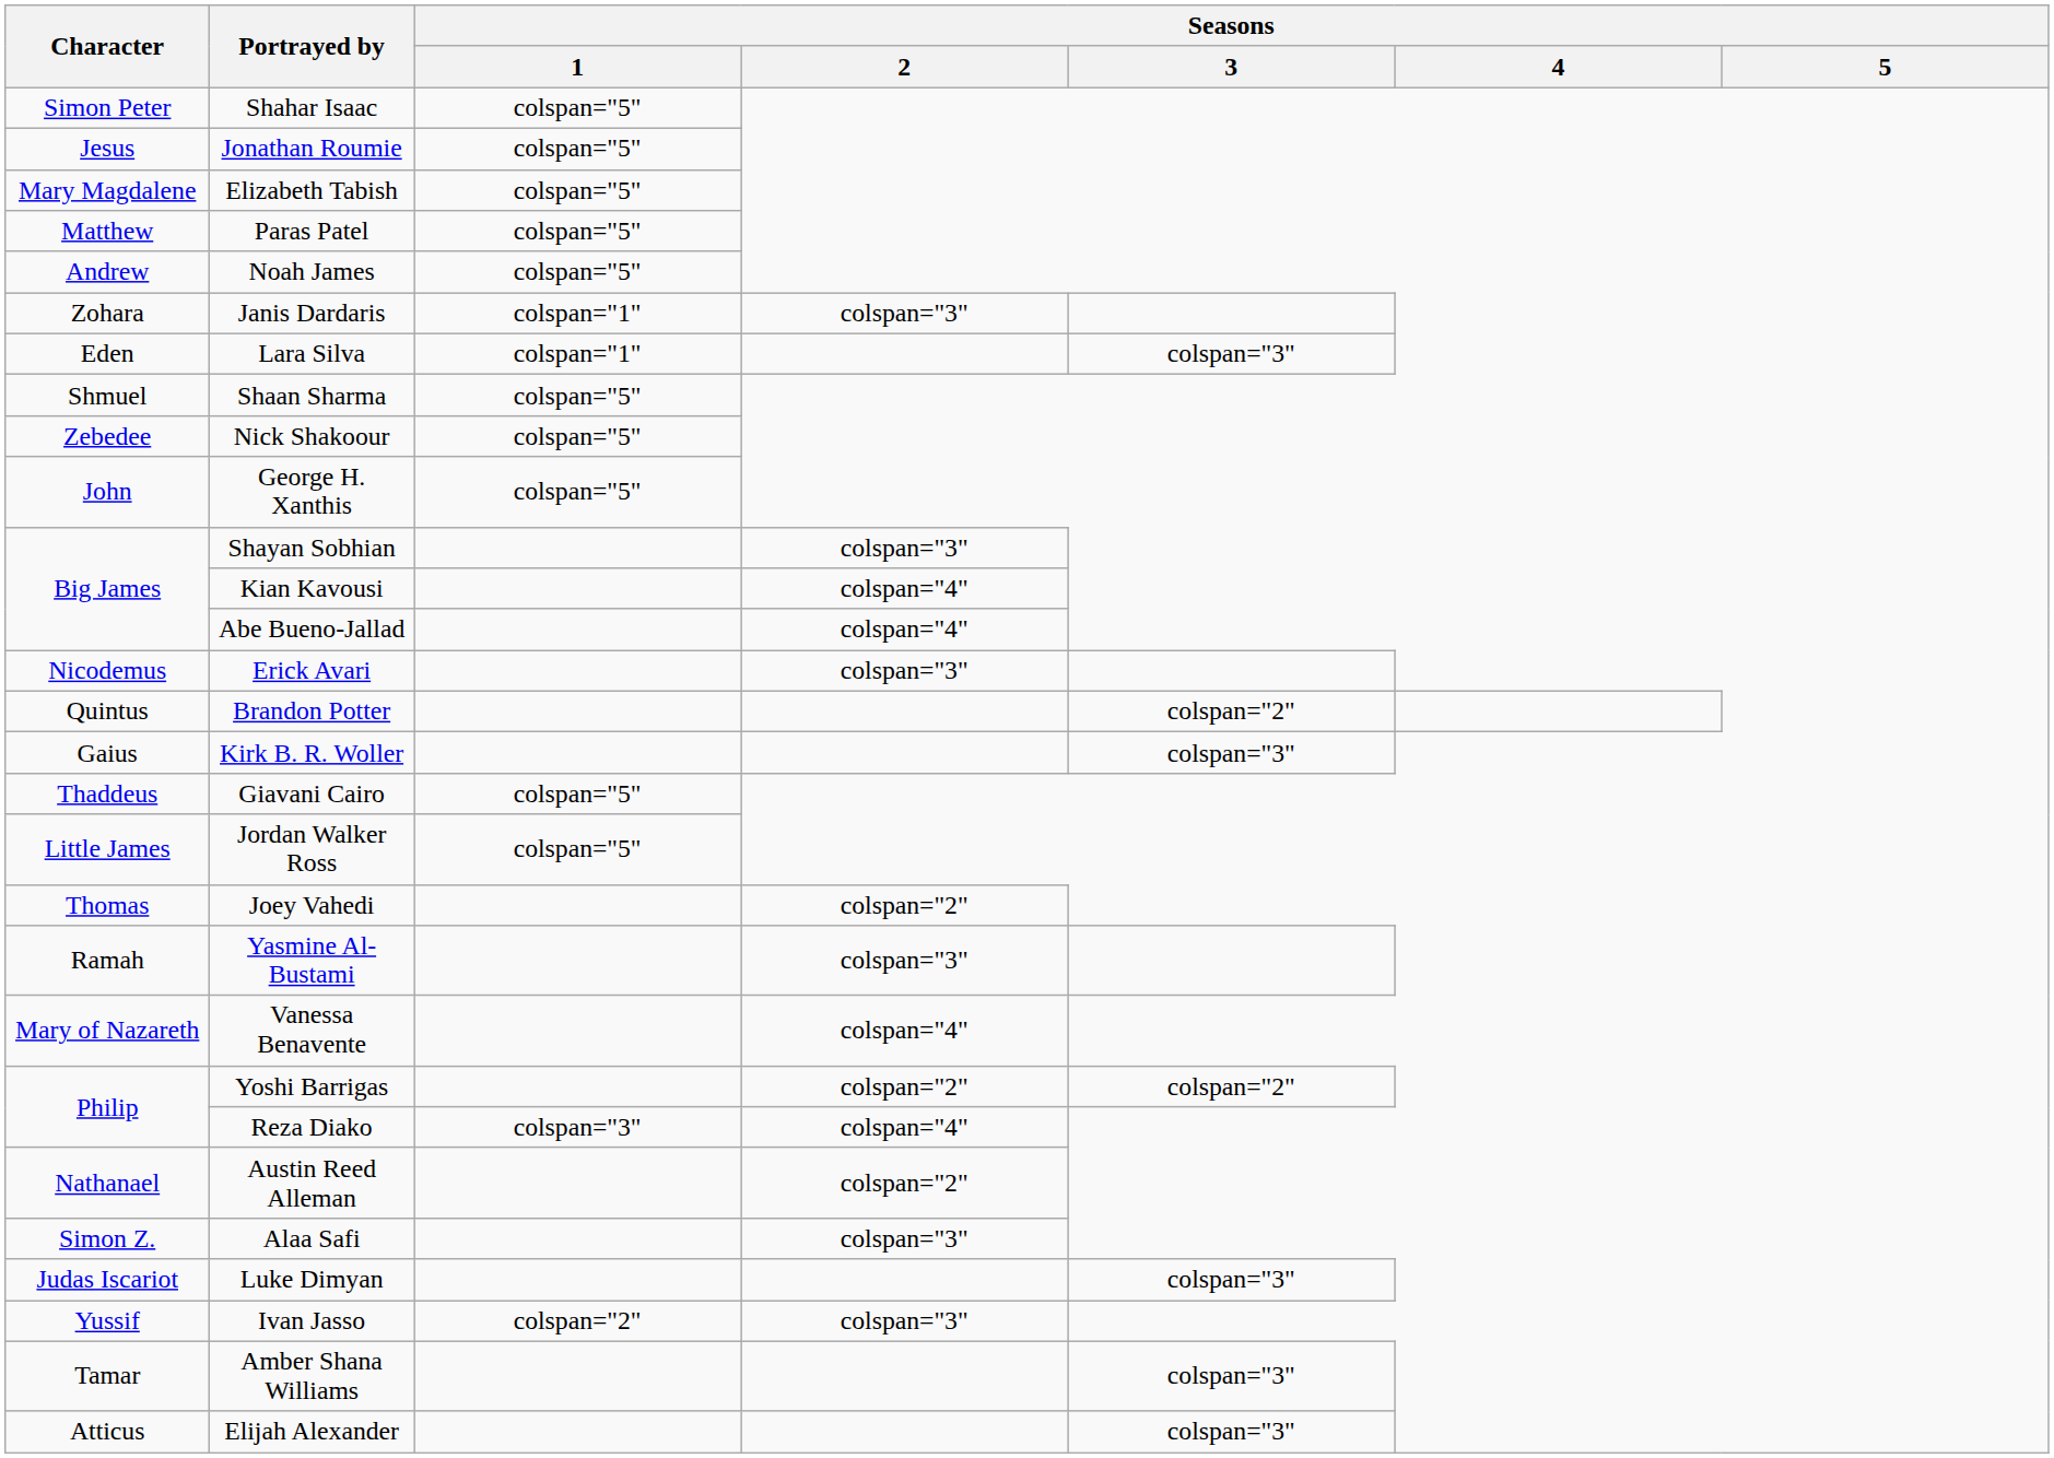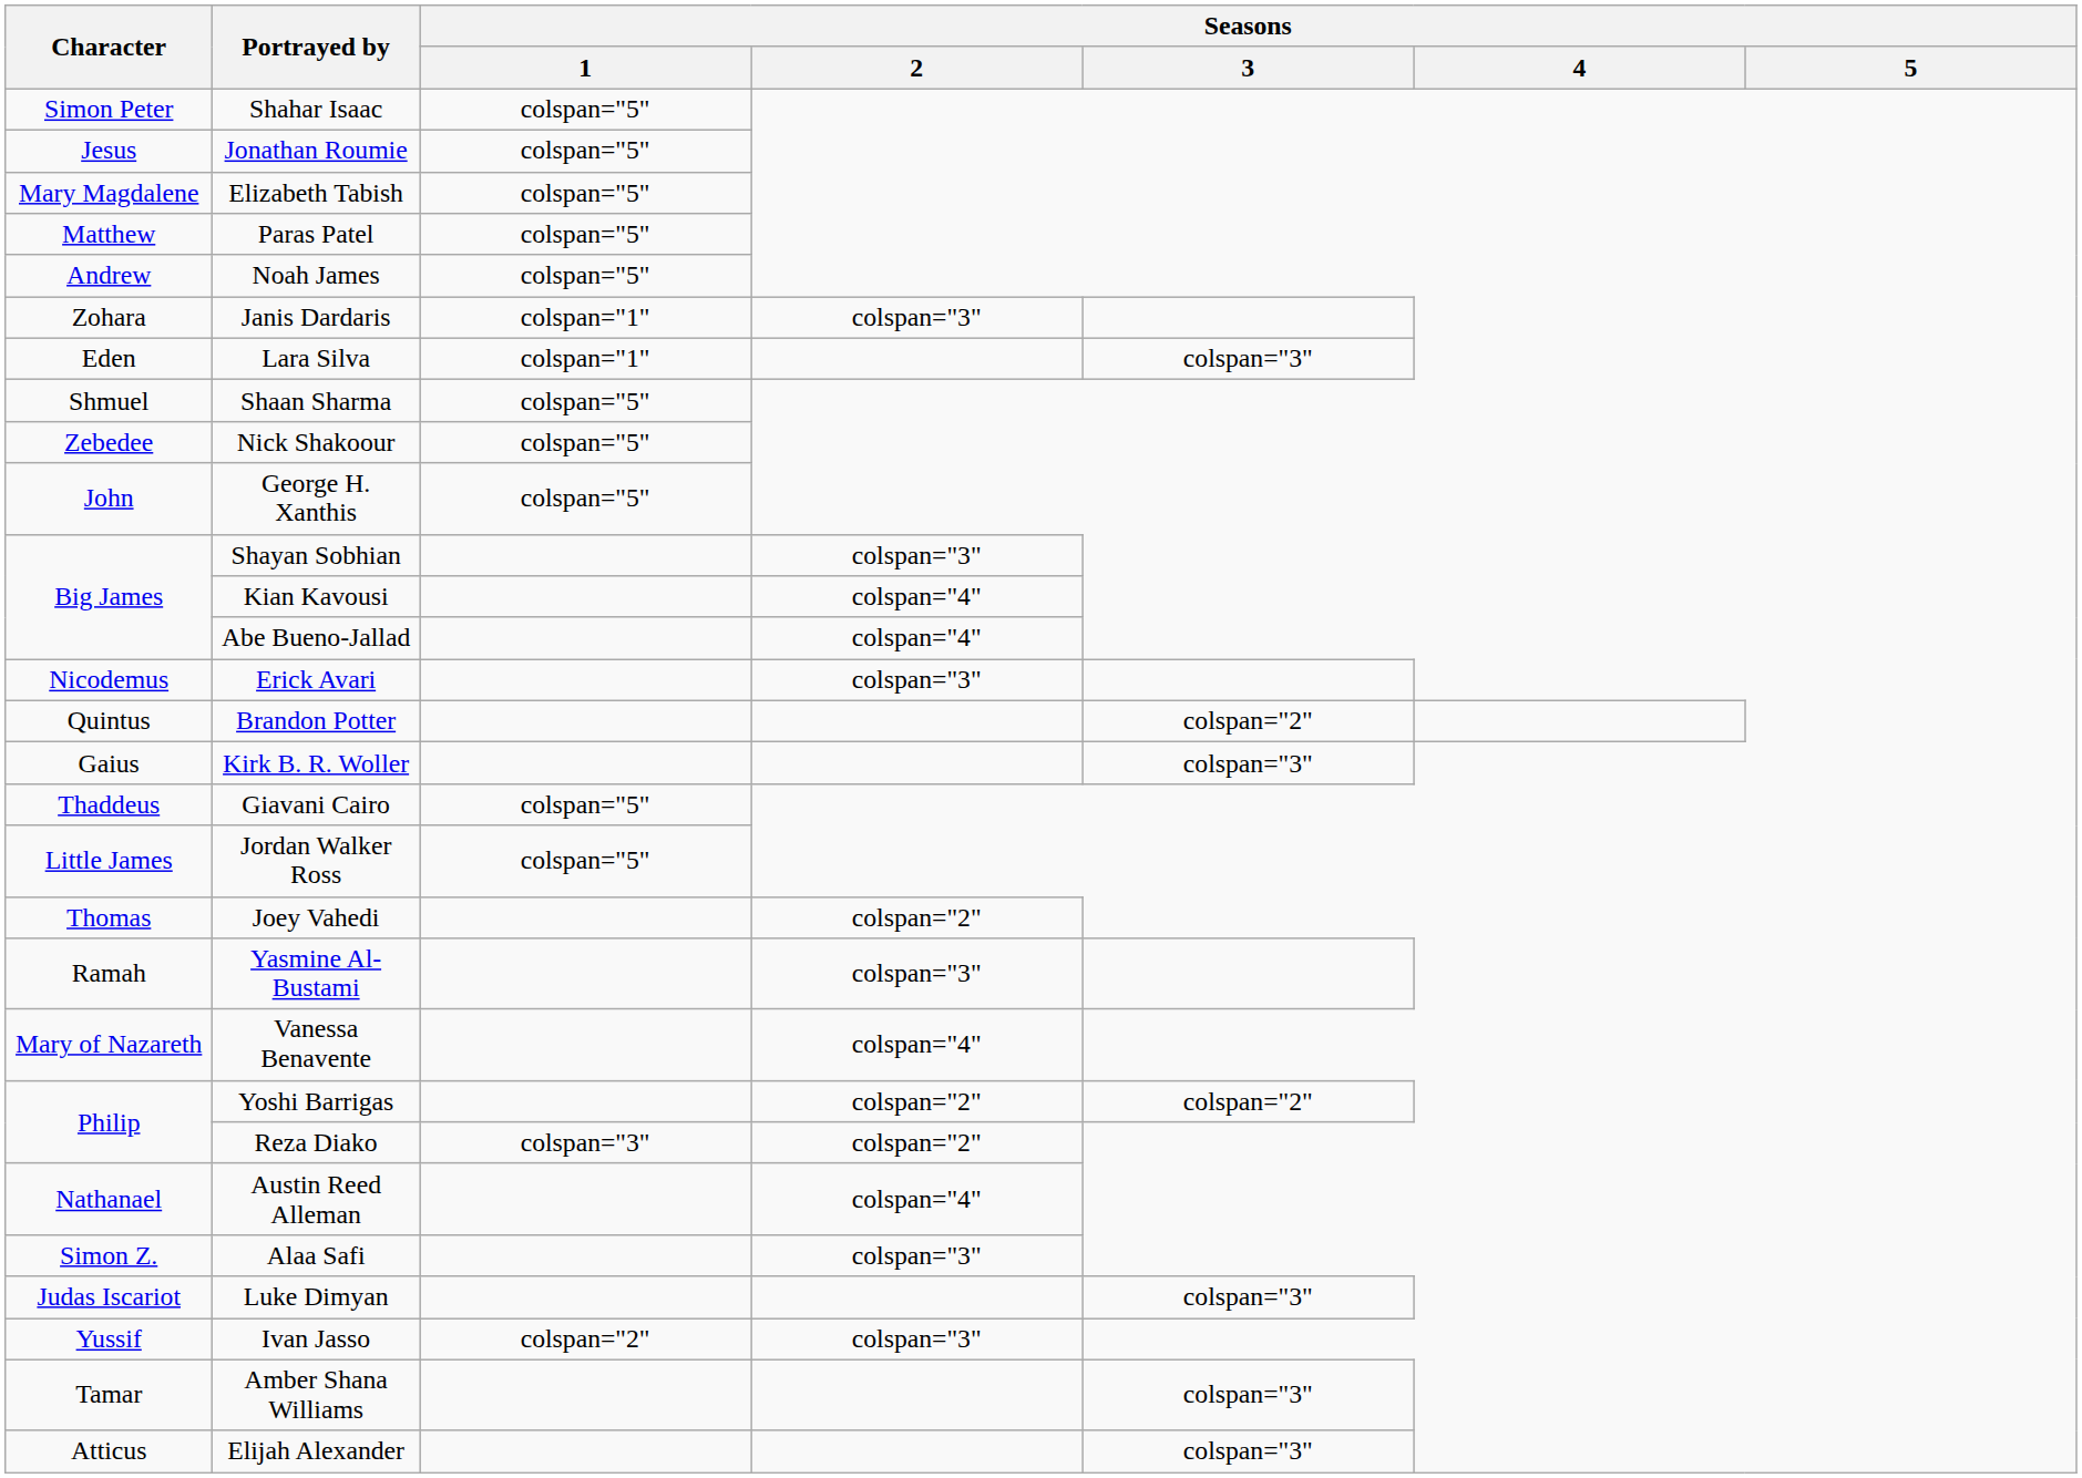 <table class="wikitable plainrowheaders" style="text-align:center; font-size:100%; width:100%">
 <tr>
 <th scope="col" rowspan="2" style="width:10%; min-width:110px;">Character</th>
 <th scope="col" rowspan="2" style="width:10%; min-width:110px;">Portrayed by</th>
 <th scope="col" colspan="5">Seasons</th>
 </tr>
 <tr>
 <th scope="col" style="width: 80px;">1</th>
 <th scope="col" style="width: 80px;">2</th>
 <th scope="col" style="width: 80px;">3</th>
 <th scope="col" style="width: 80px;">4</th>
 <th scope="col" style="width: 80px;">5</th>
 </tr>
 <tr>
 <td scope="row"><a href='#'>Simon Peter</a></td>
 <td>Shahar Isaac </td>
 <td>colspan="5" </td>
 </tr>
 <tr>
 <td scope="row"><a href='#'>Jesus</a></td>
 <td><a href='#'>Jonathan Roumie</a></td>
 <td>colspan="5" </td>
 </tr>
 <tr>
 <td scope="row"><a href='#'>Mary Magdalene</a></td>
 <td>Elizabeth Tabish</td>
 <td>colspan="5" </td>
 </tr>
 <tr>
 <td scope="row"><a href='#'>Matthew</a></td>
 <td>Paras Patel </td>
 <td>colspan="5" </td>
 </tr>
 <tr>
 <td scope="row"><a href='#'>Andrew</a></td>
 <td>Noah James </td>
 <td>colspan="5" </td>
 </tr>
 <tr>
 <td scope="row">Zohara</td>
 <td>Janis Dardaris </td>
 <td>colspan="1" </td>
 <td>colspan="3" </td>
 <td></td>
 </tr>
 <tr>
 <td scope="row">Eden</td>
 <td>Lara Silva </td>
 <td>colspan="1" </td>
 <td></td>
 <td>colspan="3" </td>
 </tr>
 <tr>
 <td scope="row">Shmuel</td>
 <td>Shaan Sharma </td>
 <td>colspan="5" </td>
 </tr>
 <tr>
 <td scope="row"><a href='#'>Zebedee</a></td>
 <td>Nick Shakoour </td>
 <td>colspan="5" </td>
 </tr>
 <tr>
 <td scope="row"><a href='#'>John</a></td>
 <td>George H. Xanthis </td>
 <td>colspan="5" </td>
 </tr>
 <tr>
 <td scope="row" rowspan="3"><a href='#'>Big James</a></td>
 <td>Shayan Sobhian </td>
 <td></td>
 <td>colspan="3" </td>
 </tr>
 <tr>
 <td>Kian Kavousi </td>
 <td></td>
 <td>colspan="4" </td>
 </tr>
 <tr>
 <td>Abe Bueno-Jallad </td>
 <td></td>
 <td>colspan="4" </td>
 </tr>
 <tr>
 <td scope="row"><a href='#'>Nicodemus</a></td>
 <td><a href='#'>Erick Avari</a> </td>
 <td></td>
 <td>colspan="3" </td>
 <td></td>
 </tr>
 <tr>
 <td scope="row">Quintus</td>
 <td><a href='#'>Brandon Potter</a> </td>
 <td></td>
 <td></td>
 <td>colspan="2" </td>
 <td></td>
 </tr>
 <tr>
 <td scope="row">Gaius</td>
 <td><a href='#'>Kirk B. R. Woller</a> </td>
 <td></td>
 <td></td>
 <td>colspan="3" </td>
 </tr>
 <tr>
 <td scope="row"><a href='#'>Thaddeus</a></td>
 <td>Giavani Cairo </td>
 <td>colspan="5" </td>
 </tr>
 <tr>
 <td scope="row"><a href='#'>Little James</a></td>
 <td>Jordan Walker Ross </td>
 <td>colspan="5" </td>
 </tr>
 <tr>
 <td scope="row"><a href='#'>Thomas</a></td>
 <td>Joey Vahedi </td>
 <td></td>
 <td>colspan="2" </td>
 </tr>
 <tr>
 <td scope="row">Ramah</td>
 <td><a href='#'>Yasmine Al-Bustami</a> </td>
 <td></td>
 <td>colspan="3" </td>
 <td></td>
 </tr>
 <tr>
 <td scope="row"><a href='#'>Mary of Nazareth</a></td>
 <td>Vanessa Benavente</td>
 <td></td>
 <td>colspan="4" </td>
 </tr>
 <tr>
 <td scope="row" rowspan="2"><a href='#'>Philip</a></td>
 <td>Yoshi Barrigas </td>
 <td></td>
 <td>colspan="2" </td>
 <td>colspan="2" </td>
 </tr>
 <tr>
 <td>Reza Diako </td>
 <td>colspan="3" </td>
-<td>colspan="4" </td>
+<td>colspan="2" </td>
 </tr>
 <tr>
 <td scope="row"><a href='#'>Nathanael</a></td>
 <td>Austin Reed Alleman </td>
 <td></td>
-<td>colspan="2" </td>
+<td>colspan="4" </td>
 </tr>
 <tr>
 <td scope="row"><a href='#'>Simon Z.</a></td>
 <td>Alaa Safi</td>
 <td></td>
 <td>colspan="3" </td>
 </tr>
 <tr>
 <td scope="row"><a href='#'>Judas Iscariot</a></td>
 <td>Luke Dimyan </td>
 <td></td>
 <td></td>
 <td>colspan="3" </td>
 </tr>
 <tr>
 <td scope="row"><a href='#'>Yussif</a></td>
 <td>Ivan Jasso </td>
 <td>colspan="2" </td>
 <td>colspan="3" </td>
 </tr>
 <tr>
 <td scope="row">Tamar</td>
 <td>Amber Shana Williams </td>
 <td></td>
 <td></td>
 <td>colspan="3" </td>
 </tr>
 <tr>
 <td scope="row">Atticus</td>
 <td>Elijah Alexander </td>
 <td></td>
 <td></td>
 <td>colspan="3" </td>
 </tr>
 </table>
